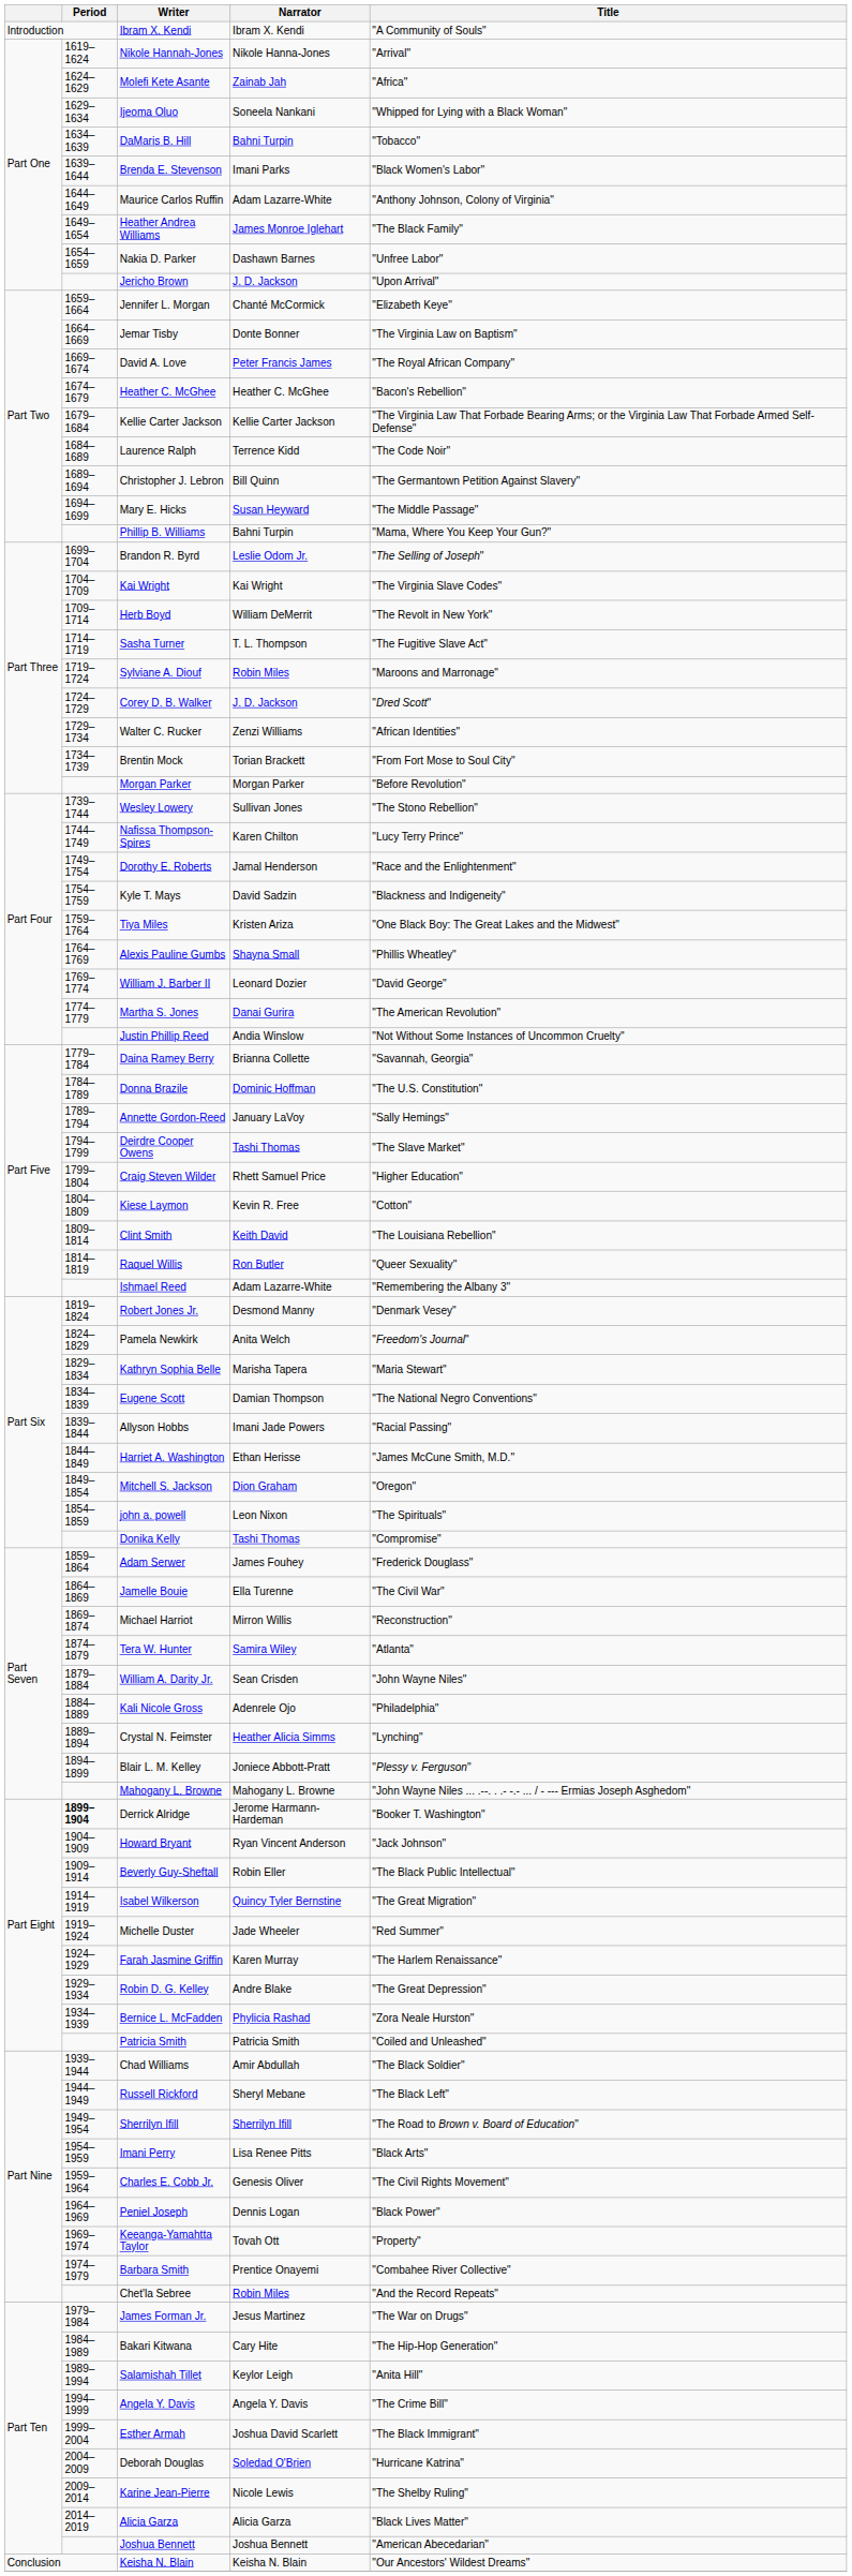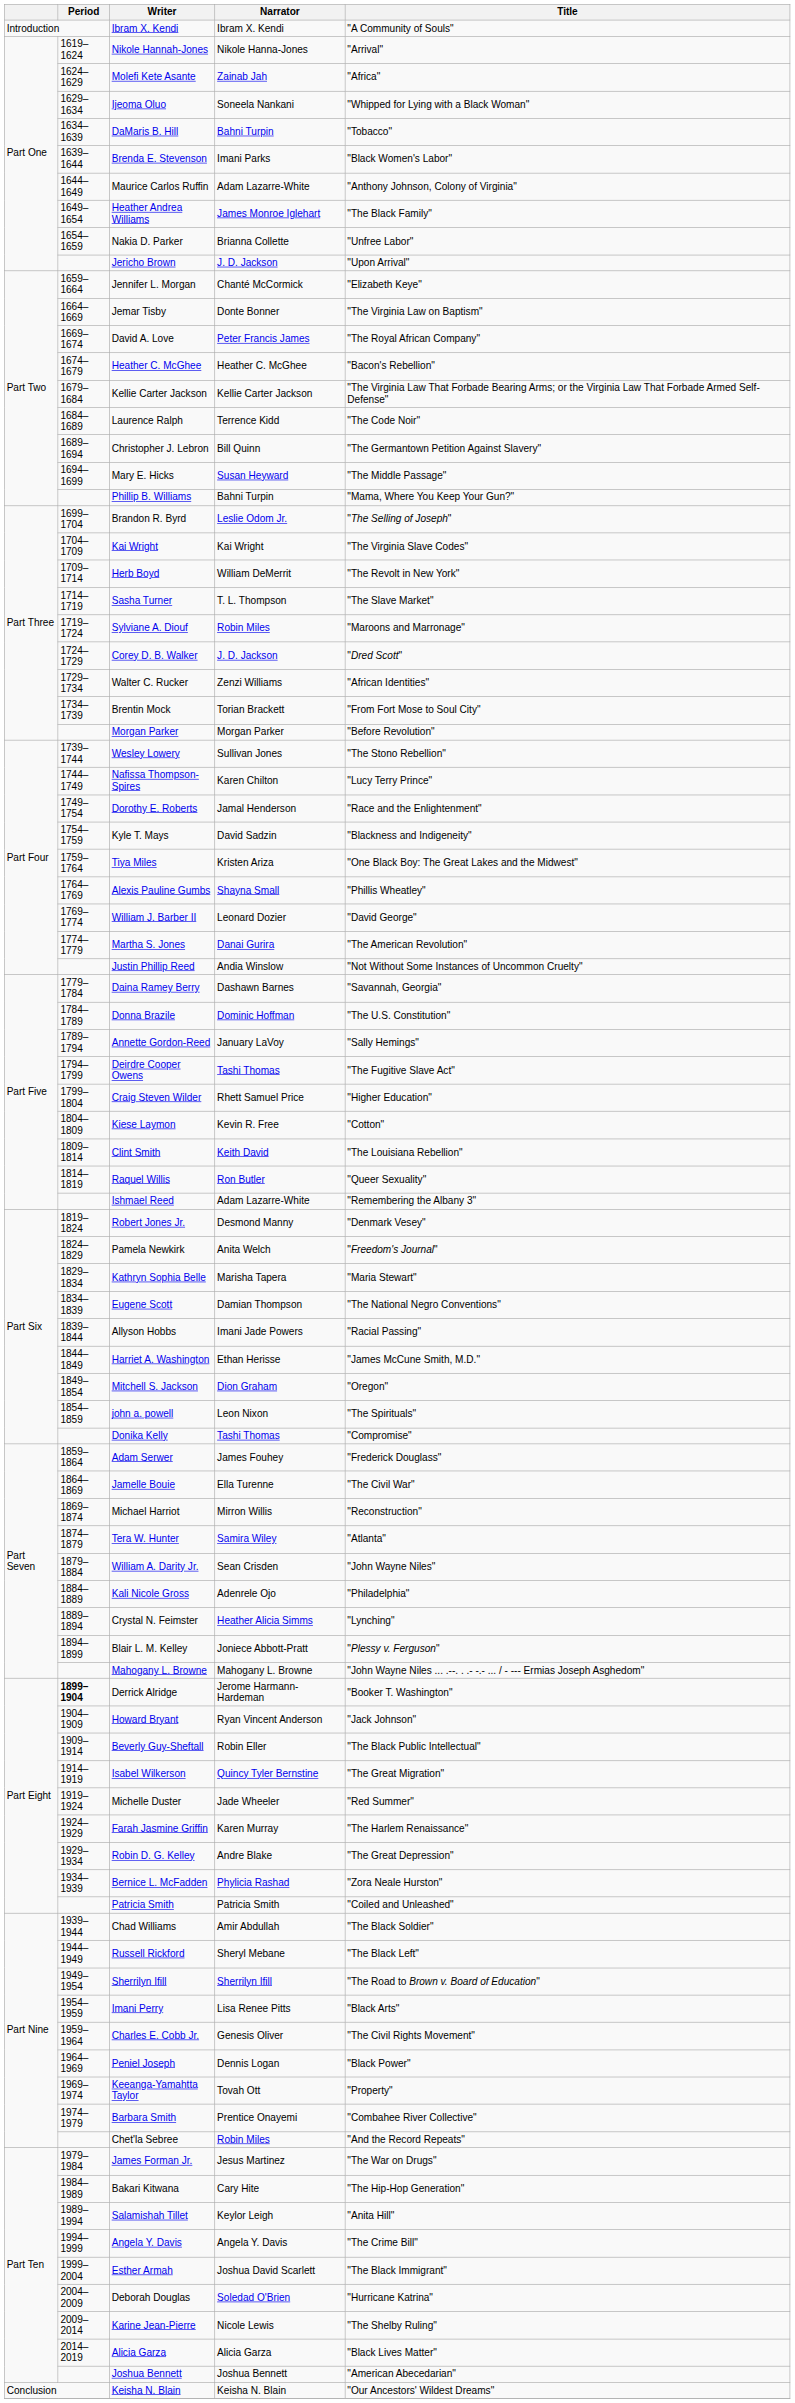 <table class="wikitable mw-collapsible mw-collapsed">
 <tr>
 <th></th>
 <th style="width: 74px;">Period</th>
 <th style="width: 160px;">Writer</th>
 <th><strong>Narrator</strong></th>
 <th>Title</th>
 </tr>
 <tr>
 <td colspan="2">Introduction</td>
 <td><a href='#'>Ibram X. Kendi</a></td>
 <td>Ibram X. Kendi</td>
 <td>"A Community of Souls"</td>
 </tr>
 <tr>
 <td rowspan="9">Part One</td>
 <td>1619–1624</td>
 <td><a href='#'>Nikole Hannah-Jones</a></td>
 <td>Nikole Hanna-Jones</td>
 <td>"Arrival"</td>
 </tr>
 <tr>
 <td>1624–1629</td>
 <td><a href='#'>Molefi Kete Asante</a></td>
 <td><a href='#'>Zainab Jah</a></td>
 <td>"Africa"</td>
 </tr>
 <tr>
 <td>1629–1634</td>
 <td><a href='#'>Ijeoma Oluo</a></td>
 <td>Soneela Nankani</td>
 <td>"Whipped for Lying with a Black Woman"</td>
 </tr>
 <tr>
 <td>1634–1639</td>
 <td><a href='#'>DaMaris B. Hill</a></td>
 <td><a href='#'>Bahni Turpin</a></td>
 <td>"Tobacco"</td>
 </tr>
 <tr>
 <td>1639–1644</td>
 <td><a href='#'>Brenda E. Stevenson</a></td>
 <td>Imani Parks</td>
 <td>"Black Women's Labor"</td>
 </tr>
 <tr>
 <td>1644–1649</td>
 <td>Maurice Carlos Ruffin</td>
 <td>Adam Lazarre-White</td>
 <td>"Anthony Johnson, Colony of Virginia"</td>
 </tr>
 <tr>
 <td>1649–1654</td>
 <td><a href='#'>Heather Andrea Williams</a></td>
 <td><a href='#'>James Monroe Iglehart</a></td>
 <td>"The Black Family"</td>
 </tr>
 <tr>
 <td>1654–1659</td>
 <td>Nakia D. Parker</td>
-<td>Dashawn Barnes</td>
+<td>Brianna Collette</td>
 <td>"Unfree Labor"</td>
 </tr>
 <tr>
 <td></td>
 <td><a href='#'>Jericho Brown</a></td>
 <td><a href='#'>J. D. Jackson</a></td>
 <td>"Upon Arrival"</td>
 </tr>
 <tr>
 <td rowspan="9">Part Two</td>
 <td>1659–1664</td>
 <td>Jennifer L. Morgan</td>
 <td>Chanté McCormick</td>
 <td>"Elizabeth Keye"</td>
 </tr>
 <tr>
 <td>1664–1669</td>
 <td>Jemar Tisby</td>
 <td>Donte Bonner</td>
 <td>"The Virginia Law on Baptism"</td>
 </tr>
 <tr>
 <td>1669–1674</td>
 <td>David A. Love</td>
 <td><a href='#'>Peter Francis James</a></td>
 <td>"The Royal African Company"</td>
 </tr>
 <tr>
 <td>1674–1679</td>
 <td><a href='#'>Heather C. McGhee</a></td>
 <td>Heather C. McGhee</td>
 <td>"Bacon's Rebellion"</td>
 </tr>
 <tr>
 <td>1679–1684</td>
 <td>Kellie Carter Jackson</td>
 <td>Kellie Carter Jackson</td>
 <td>"The Virginia Law That Forbade Bearing Arms; or the Virginia Law That Forbade Armed Self-Defense"</td>
 </tr>
 <tr>
 <td>1684–1689</td>
 <td>Laurence Ralph</td>
 <td>Terrence Kidd</td>
 <td>"The Code Noir"</td>
 </tr>
 <tr>
 <td>1689–1694</td>
 <td>Christopher J. Lebron</td>
 <td>Bill Quinn</td>
 <td>"The Germantown Petition Against Slavery"</td>
 </tr>
 <tr>
 <td>1694–1699</td>
 <td>Mary E. Hicks</td>
 <td><a href='#'>Susan Heyward</a></td>
 <td>"The Middle Passage"</td>
 </tr>
 <tr>
 <td></td>
 <td><a href='#'>Phillip B. Williams</a></td>
 <td>Bahni Turpin</td>
 <td>"Mama, Where You Keep Your Gun?"</td>
 </tr>
 <tr>
 <td rowspan="9">Part Three</td>
 <td>1699–1704</td>
 <td>Brandon R. Byrd</td>
 <td><a href='#'>Leslie Odom Jr.</a></td>
 <td>"<em>The Selling of Joseph</em>"</td>
 </tr>
 <tr>
 <td>1704–1709</td>
 <td><a href='#'>Kai Wright</a></td>
 <td>Kai Wright</td>
 <td>"The Virginia Slave Codes"</td>
 </tr>
 <tr>
 <td>1709–1714</td>
 <td><a href='#'>Herb Boyd</a></td>
 <td>William DeMerrit</td>
 <td>"The Revolt in New York"</td>
 </tr>
 <tr>
 <td>1714–1719</td>
 <td><a href='#'>Sasha Turner</a></td>
 <td>T. L. Thompson</td>
-<td>"The Fugitive Slave Act"</td>
+<td>"The Slave Market"</td>
 </tr>
 <tr>
 <td>1719–1724</td>
 <td><a href='#'>Sylviane A. Diouf</a></td>
 <td><a href='#'>Robin Miles</a></td>
 <td>"Maroons and Marronage"</td>
 </tr>
 <tr>
 <td>1724–1729</td>
 <td><a href='#'>Corey D. B. Walker</a></td>
 <td><a href='#'>J. D. Jackson</a></td>
 <td>"<em>Dred Scott</em>"</td>
 </tr>
 <tr>
 <td>1729–1734</td>
 <td>Walter C. Rucker</td>
 <td>Zenzi Williams</td>
 <td>"African Identities"</td>
 </tr>
 <tr>
 <td>1734–1739</td>
 <td>Brentin Mock</td>
 <td>Torian Brackett</td>
 <td>"From Fort Mose to Soul City"</td>
 </tr>
 <tr>
 <td></td>
 <td><a href='#'>Morgan Parker</a></td>
 <td>Morgan Parker</td>
 <td>"Before Revolution"</td>
 </tr>
 <tr>
 <td rowspan="9">Part Four</td>
 <td>1739–1744</td>
 <td><a href='#'>Wesley Lowery</a></td>
 <td>Sullivan Jones</td>
 <td>"The Stono Rebellion"</td>
 </tr>
 <tr>
 <td>1744–1749</td>
 <td><a href='#'>Nafissa Thompson-Spires</a></td>
 <td>Karen Chilton</td>
 <td>"Lucy Terry Prince"</td>
 </tr>
 <tr>
 <td>1749–1754</td>
 <td><a href='#'>Dorothy E. Roberts</a></td>
 <td>Jamal Henderson</td>
 <td>"Race and the Enlightenment"</td>
 </tr>
 <tr>
 <td>1754–1759</td>
 <td>Kyle T. Mays</td>
 <td>David Sadzin</td>
 <td>"Blackness and Indigeneity"</td>
 </tr>
 <tr>
 <td>1759–1764</td>
 <td><a href='#'>Tiya Miles</a></td>
 <td>Kristen Ariza</td>
 <td>"One Black Boy: The Great Lakes and the Midwest"</td>
 </tr>
 <tr>
 <td>1764–1769</td>
 <td><a href='#'>Alexis Pauline Gumbs</a></td>
 <td><a href='#'>Shayna Small</a></td>
 <td>"Phillis Wheatley"</td>
 </tr>
 <tr>
 <td>1769–1774</td>
 <td><a href='#'>William J. Barber II</a></td>
 <td>Leonard Dozier</td>
 <td>"David George"</td>
 </tr>
 <tr>
 <td>1774–1779</td>
 <td><a href='#'>Martha S. Jones</a></td>
 <td><a href='#'>Danai Gurira</a></td>
 <td>"The American Revolution"</td>
 </tr>
 <tr>
 <td></td>
 <td><a href='#'>Justin Phillip Reed</a></td>
 <td>Andia Winslow</td>
 <td>"Not Without Some Instances of Uncommon Cruelty"</td>
 </tr>
 <tr>
 <td rowspan="9">Part Five</td>
 <td>1779–1784</td>
 <td><a href='#'>Daina Ramey Berry</a></td>
-<td>Brianna Collette</td>
+<td>Dashawn Barnes</td>
 <td>"Savannah, Georgia"</td>
 </tr>
 <tr>
 <td>1784–1789</td>
 <td><a href='#'>Donna Brazile</a></td>
 <td><a href='#'>Dominic Hoffman</a></td>
 <td>"The U.S. Constitution"</td>
 </tr>
 <tr>
 <td>1789–1794</td>
 <td><a href='#'>Annette Gordon-Reed</a></td>
 <td>January LaVoy</td>
 <td>"Sally Hemings"</td>
 </tr>
 <tr>
 <td>1794–1799</td>
 <td><a href='#'>Deirdre Cooper Owens</a></td>
 <td><a href='#'>Tashi Thomas</a></td>
-<td>"The Slave Market"</td>
+<td>"The Fugitive Slave Act"</td>
 </tr>
 <tr>
 <td>1799–1804</td>
 <td><a href='#'>Craig Steven Wilder</a></td>
 <td>Rhett Samuel Price</td>
 <td>"Higher Education"</td>
 </tr>
 <tr>
 <td>1804–1809</td>
 <td><a href='#'>Kiese Laymon</a></td>
 <td>Kevin R. Free</td>
 <td>"Cotton"</td>
 </tr>
 <tr>
 <td>1809–1814</td>
 <td><a href='#'>Clint Smith</a></td>
 <td><a href='#'>Keith David</a></td>
 <td>"The Louisiana Rebellion"</td>
 </tr>
 <tr>
 <td>1814–1819</td>
 <td><a href='#'>Raquel Willis</a></td>
 <td><a href='#'>Ron Butler</a></td>
 <td>"Queer Sexuality"</td>
 </tr>
 <tr>
 <td></td>
 <td><a href='#'>Ishmael Reed</a></td>
 <td>Adam Lazarre-White</td>
 <td>"Remembering the Albany 3"</td>
 </tr>
 <tr>
 <td rowspan="9">Part Six</td>
 <td>1819–1824</td>
 <td><a href='#'>Robert Jones Jr.</a></td>
 <td>Desmond Manny</td>
 <td>"Denmark Vesey"</td>
 </tr>
 <tr>
 <td>1824–1829</td>
 <td>Pamela Newkirk</td>
 <td>Anita Welch</td>
 <td>"<em>Freedom's Journal</em>"</td>
 </tr>
 <tr>
 <td>1829–1834</td>
 <td><a href='#'>Kathryn Sophia Belle</a></td>
 <td>Marisha Tapera</td>
 <td>"Maria Stewart"</td>
 </tr>
 <tr>
 <td>1834–1839</td>
 <td><a href='#'>Eugene Scott</a></td>
 <td>Damian Thompson</td>
 <td>"The National Negro Conventions"</td>
 </tr>
 <tr>
 <td>1839–1844</td>
 <td>Allyson Hobbs</td>
 <td>Imani Jade Powers</td>
 <td>"Racial Passing"</td>
 </tr>
 <tr>
 <td>1844–1849</td>
 <td><a href='#'>Harriet A. Washington</a></td>
 <td>Ethan Herisse</td>
 <td>"James McCune Smith, M.D."</td>
 </tr>
 <tr>
 <td>1849–1854</td>
 <td><a href='#'>Mitchell S. Jackson</a></td>
 <td><a href='#'>Dion Graham</a></td>
 <td>"Oregon"</td>
 </tr>
 <tr>
 <td>1854–1859</td>
 <td><a href='#'>john a. powell</a></td>
 <td>Leon Nixon</td>
 <td>"The Spirituals"</td>
 </tr>
 <tr>
 <td></td>
 <td><a href='#'>Donika Kelly</a></td>
 <td><a href='#'>Tashi Thomas</a></td>
 <td>"Compromise"</td>
 </tr>
 <tr>
 <td rowspan="9">Part Seven</td>
 <td>1859–1864</td>
 <td><a href='#'>Adam Serwer</a></td>
 <td>James Fouhey</td>
 <td>"Frederick Douglass"</td>
 </tr>
 <tr>
 <td>1864–1869</td>
 <td><a href='#'>Jamelle Bouie</a></td>
 <td>Ella Turenne</td>
 <td>"The Civil War"</td>
 </tr>
 <tr>
 <td>1869–1874</td>
 <td>Michael Harriot</td>
 <td>Mirron Willis</td>
 <td>"Reconstruction"</td>
 </tr>
 <tr>
 <td>1874–1879</td>
 <td><a href='#'>Tera W. Hunter</a></td>
 <td><a href='#'>Samira Wiley</a></td>
 <td>"Atlanta"</td>
 </tr>
 <tr>
 <td>1879–1884</td>
 <td><a href='#'>William A. Darity Jr.</a></td>
 <td>Sean Crisden</td>
 <td>"John Wayne Niles"</td>
 </tr>
 <tr>
 <td>1884–1889</td>
 <td><a href='#'>Kali Nicole Gross</a></td>
 <td>Adenrele Ojo</td>
 <td>"Philadelphia"</td>
 </tr>
 <tr>
 <td>1889–1894</td>
 <td>Crystal N. Feimster</td>
 <td><a href='#'>Heather Alicia Simms</a></td>
 <td>"Lynching"</td>
 </tr>
 <tr>
 <td>1894–1899</td>
 <td>Blair L. M. Kelley</td>
 <td>Joniece Abbott-Pratt</td>
 <td>"<em>Plessy v. Ferguson</em>"</td>
 </tr>
 <tr>
 <td></td>
 <td><a href='#'>Mahogany L. Browne</a></td>
 <td>Mahogany L. Browne</td>
 <td>"John Wayne Niles ... .--. . .- -.- ... / - --- Ermias Joseph Asghedom"</td>
 </tr>
 <tr>
 <td rowspan="9">Part Eight</td>
 <td><strong>1899–1904</strong></td>
 <td>Derrick Alridge</td>
 <td>Jerome Harmann-Hardeman</td>
 <td>"Booker T. Washington"</td>
 </tr>
 <tr>
 <td>1904–1909</td>
 <td><a href='#'>Howard Bryant</a></td>
 <td>Ryan Vincent Anderson</td>
 <td>"Jack Johnson"</td>
 </tr>
 <tr>
 <td>1909–1914</td>
 <td><a href='#'>Beverly Guy-Sheftall</a></td>
 <td>Robin Eller</td>
 <td>"The Black Public Intellectual"</td>
 </tr>
 <tr>
 <td>1914–1919</td>
 <td><a href='#'>Isabel Wilkerson</a></td>
 <td><a href='#'>Quincy Tyler Bernstine</a></td>
 <td>"The Great Migration"</td>
 </tr>
 <tr>
 <td>1919–1924</td>
 <td>Michelle Duster</td>
 <td>Jade Wheeler</td>
 <td>"Red Summer"</td>
 </tr>
 <tr>
 <td>1924–1929</td>
 <td><a href='#'>Farah Jasmine Griffin</a></td>
 <td>Karen Murray</td>
 <td>"The Harlem Renaissance"</td>
 </tr>
 <tr>
 <td>1929–1934</td>
 <td><a href='#'>Robin D. G. Kelley</a></td>
 <td>Andre Blake</td>
 <td>"The Great Depression"</td>
 </tr>
 <tr>
 <td>1934–1939</td>
 <td><a href='#'>Bernice L. McFadden</a></td>
 <td><a href='#'>Phylicia Rashad</a></td>
 <td>"Zora Neale Hurston"</td>
 </tr>
 <tr>
 <td></td>
 <td><a href='#'>Patricia Smith</a></td>
 <td>Patricia Smith</td>
 <td>"Coiled and Unleashed"</td>
 </tr>
 <tr>
 <td rowspan="9">Part Nine</td>
 <td>1939–1944</td>
 <td>Chad Williams</td>
 <td>Amir Abdullah</td>
 <td>"The Black Soldier"</td>
 </tr>
 <tr>
 <td>1944–1949</td>
 <td><a href='#'>Russell Rickford</a></td>
 <td>Sheryl Mebane</td>
 <td>"The Black Left"</td>
 </tr>
 <tr>
 <td>1949–1954</td>
 <td><a href='#'>Sherrilyn Ifill</a></td>
 <td><a href='#'>Sherrilyn Ifill</a></td>
 <td>"The Road to <em>Brown v. Board of Education</em>"</td>
 </tr>
 <tr>
 <td>1954–1959</td>
 <td><a href='#'>Imani Perry</a></td>
 <td>Lisa Renee Pitts</td>
 <td>"Black Arts"</td>
 </tr>
 <tr>
 <td>1959–1964</td>
 <td><a href='#'>Charles E. Cobb Jr.</a></td>
 <td>Genesis Oliver</td>
 <td>"The Civil Rights Movement"</td>
 </tr>
 <tr>
 <td>1964–1969</td>
 <td><a href='#'>Peniel Joseph</a></td>
 <td>Dennis Logan</td>
 <td>"Black Power"</td>
 </tr>
 <tr>
 <td>1969–1974</td>
 <td><a href='#'>Keeanga-Yamahtta Taylor</a></td>
 <td>Tovah Ott</td>
 <td>"Property"</td>
 </tr>
 <tr>
 <td>1974–1979</td>
 <td><a href='#'>Barbara Smith</a></td>
 <td>Prentice Onayemi</td>
 <td>"Combahee River Collective"</td>
 </tr>
 <tr>
 <td></td>
 <td>Chet'la Sebree</td>
 <td><a href='#'>Robin Miles</a></td>
 <td>"And the Record Repeats"</td>
 </tr>
 <tr>
 <td rowspan="9">Part Ten</td>
 <td>1979–1984</td>
 <td><a href='#'>James Forman Jr.</a></td>
 <td>Jesus Martinez</td>
 <td>"The War on Drugs"</td>
 </tr>
 <tr>
 <td>1984–1989</td>
 <td>Bakari Kitwana</td>
 <td>Cary Hite</td>
 <td>"The Hip-Hop Generation"</td>
 </tr>
 <tr>
 <td>1989–1994</td>
 <td><a href='#'>Salamishah Tillet</a></td>
 <td>Keylor Leigh</td>
 <td>"Anita Hill"</td>
 </tr>
 <tr>
 <td>1994–1999</td>
 <td><a href='#'>Angela Y. Davis</a></td>
 <td>Angela Y. Davis</td>
 <td>"The Crime Bill"</td>
 </tr>
 <tr>
 <td>1999–2004</td>
 <td><a href='#'>Esther Armah</a></td>
 <td>Joshua David Scarlett</td>
 <td>"The Black Immigrant"</td>
 </tr>
 <tr>
 <td>2004–2009</td>
 <td>Deborah Douglas</td>
 <td><a href='#'>Soledad O'Brien</a></td>
 <td>"Hurricane Katrina"</td>
 </tr>
 <tr>
 <td>2009–2014</td>
 <td><a href='#'>Karine Jean-Pierre</a></td>
 <td>Nicole Lewis</td>
 <td>"The Shelby Ruling"</td>
 </tr>
 <tr>
 <td>2014–2019</td>
 <td><a href='#'>Alicia Garza</a></td>
 <td>Alicia Garza</td>
 <td>"Black Lives Matter"</td>
 </tr>
 <tr>
 <td></td>
 <td><a href='#'>Joshua Bennett</a></td>
 <td>Joshua Bennett</td>
 <td>"American Abecedarian"</td>
 </tr>
 <tr>
 <td colspan="2">Conclusion</td>
 <td><a href='#'>Keisha N. Blain</a></td>
 <td>Keisha N. Blain</td>
 <td>"Our Ancestors' Wildest Dreams"</td>
 </tr>
 <tr>
 </tr>
 </table>
